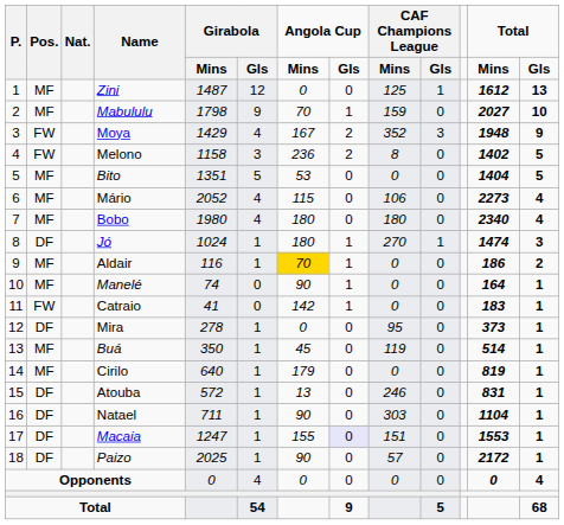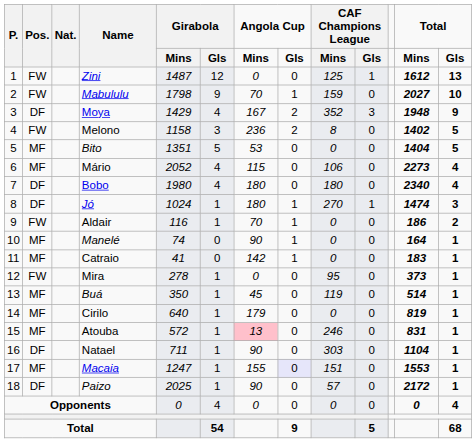 <table class="wikitable sortable" style="text-align:center">
 <tr>
 <th style="text-align:center;" rowspan="2">P.</th>
 <th style="text-align:center;" rowspan="2">Pos.</th>
 <th style="text-align:center;" rowspan="2">Nat.</th>
 <th style="text-align:center; width:100px;" rowspan="2">Name</th>
 <th style="text-align:center; width:100px;" colspan="2">Girabola</th>
 <td style="text-align:center; width:100px;" colspan="2"><strong>Angola Cup</strong></td>
 <th style="text-align:center; width:100px;" colspan="2">CAF Champions League</th>
 <td style="text-align:center; width:1px;"></td>
 <td style="text-align:center; width:100px;" colspan="2"><strong>Total</strong></td>
 </tr>
 <tr>
 <th style="text-align:center;">Mins</th>
 <th style="text-align:center;">Gls</th>
 <td style="text-align:center;"><strong>Mins</strong></td>
 <td style="text-align:center;"><strong>Gls</strong></td>
 <th style="text-align:center;">Mins</th>
 <th style="text-align:center;">Gls</th>
 <td style="text-align:center;"></td>
 <td style="text-align:center;"><strong>Mins</strong></td>
 <td style="text-align:center;"><strong>Gls</strong></td>
 </tr>
 <tr>
 <td>1</td>
-<td>MF</td>
+<td>FW</td>
 <td></td>
 <td align=left><em><a href='#'>Zini</a></em></td>
 <td style="background:#eaecf0;"><em>1487</em></td>
 <td style="background:#eaecf0;">12</td>
 <td><em>0</em></td>
 <td>0</td>
 <td style="background:#eaecf0;"><em>125</em></td>
 <td style="background:#eaecf0;">1</td>
 <td></td>
 <td><strong><em>1612</em></strong></td>
 <td><strong>13</strong></td>
 </tr>
 <tr>
 <td>2</td>
-<td>MF</td>
+<td>FW</td>
 <td></td>
 <td align=left><em><a href='#'>Mabululu</a></em></td>
 <td style="background:#eaecf0;"><em>1798</em></td>
 <td style="background:#eaecf0;">9</td>
 <td><em>70</em></td>
 <td>1</td>
 <td style="background:#eaecf0;"><em>159</em></td>
 <td style="background:#eaecf0;">0</td>
 <td></td>
 <td><strong><em>2027</em></strong></td>
 <td><strong>10</strong></td>
 </tr>
 <tr>
 <td>3</td>
-<td>FW</td>
+<td>DF</td>
 <td></td>
 <td align=left><a href='#'>Moya</a></td>
 <td style="background:#eaecf0;"><em>1429</em></td>
 <td style="background:#eaecf0;">4</td>
 <td><em>167</em></td>
 <td>2</td>
 <td style="background:#eaecf0;"><em>352</em></td>
 <td style="background:#eaecf0;">3</td>
 <td></td>
 <td><strong><em>1948</em></strong></td>
 <td><strong>9</strong></td>
 </tr>
 <tr>
 <td>4</td>
 <td>FW</td>
 <td></td>
 <td align=left>Melono</td>
 <td style="background:#eaecf0;"><em>1158</em></td>
 <td style="background:#eaecf0;">3</td>
 <td><em>236</em></td>
 <td>2</td>
 <td style="background:#eaecf0;"><em>8</em></td>
 <td style="background:#eaecf0;">0</td>
 <td></td>
 <td><strong><em>1402</em></strong></td>
 <td><strong>5</strong></td>
 </tr>
 <tr>
 <td>5</td>
 <td>MF</td>
 <td></td>
 <td align=left><em>Bito</em></td>
 <td style="background:#eaecf0;"><em>1351</em></td>
 <td style="background:#eaecf0;">5</td>
 <td><em>53</em></td>
 <td>0</td>
 <td style="background:#eaecf0;"><em>0</em></td>
 <td style="background:#eaecf0;">0</td>
 <td></td>
 <td><strong><em>1404</em></strong></td>
 <td><strong>5</strong></td>
 </tr>
 <tr>
 <td>6</td>
 <td>MF</td>
 <td></td>
 <td align=left>Mário</td>
 <td style="background:#eaecf0;"><em>2052</em></td>
 <td style="background:#eaecf0;">4</td>
 <td><em>115</em></td>
 <td>0</td>
 <td style="background:#eaecf0;"><em>106</em></td>
 <td style="background:#eaecf0;">0</td>
 <td></td>
 <td><strong><em>2273</em></strong></td>
 <td><strong>4</strong></td>
 </tr>
 <tr>
 <td>7</td>
-<td>MF</td>
+<td>DF</td>
 <td></td>
 <td align=left><a href='#'>Bobo</a></td>
 <td style="background:#eaecf0;"><em>1980</em></td>
 <td style="background:#eaecf0;">4</td>
 <td><em>180</em></td>
 <td>0</td>
 <td style="background:#eaecf0;"><em>180</em></td>
 <td style="background:#eaecf0;">0</td>
 <td></td>
 <td><strong><em>2340</em></strong></td>
 <td><strong>4</strong></td>
 </tr>
 <tr>
 <td>8</td>
 <td>DF</td>
 <td></td>
 <td align=left><em><a href='#'>Jó</a></em></td>
 <td style="background:#eaecf0;"><em>1024</em></td>
 <td style="background:#eaecf0;">1</td>
 <td><em>180</em></td>
 <td>1</td>
 <td style="background:#eaecf0;"><em>270</em></td>
 <td style="background:#eaecf0;">1</td>
 <td></td>
 <td><strong><em>1474</em></strong></td>
 <td><strong>3</strong></td>
 </tr>
 <tr>
 <td>9</td>
-<td>MF</td>
+<td>FW</td>
 <td></td>
 <td align=left>Aldair</td>
 <td style="background:#eaecf0;"><em>116</em></td>
 <td style="background:#eaecf0;">1</td>
-<td style="background: gold;"><em>70</em></td>
+<td><em>70</em></td>
 <td>1</td>
 <td style="background:#eaecf0;"><em>0</em></td>
 <td style="background:#eaecf0;">0</td>
 <td></td>
 <td><strong><em>186</em></strong></td>
 <td><strong>2</strong></td>
 </tr>
 <tr>
 <td>10</td>
 <td>MF</td>
 <td></td>
 <td align=left><em>Manelé</em></td>
 <td style="background:#eaecf0;"><em>74</em></td>
 <td style="background:#eaecf0;">0</td>
 <td><em>90</em></td>
 <td>1</td>
 <td style="background:#eaecf0;"><em>0</em></td>
 <td style="background:#eaecf0;">0</td>
 <td></td>
 <td><strong><em>164</em></strong></td>
 <td><strong>1</strong></td>
 </tr>
 <tr>
 <td>11</td>
-<td>FW</td>
+<td>MF</td>
 <td></td>
 <td align=left>Catraio</td>
 <td style="background:#eaecf0;"><em>41</em></td>
 <td style="background:#eaecf0;">0</td>
 <td><em>142</em></td>
 <td>1</td>
 <td style="background:#eaecf0;"><em>0</em></td>
 <td style="background:#eaecf0;">0</td>
 <td></td>
 <td><strong><em>183</em></strong></td>
 <td><strong>1</strong></td>
 </tr>
 <tr>
 <td>12</td>
-<td>DF</td>
+<td>FW</td>
 <td></td>
 <td align=left>Mira</td>
 <td style="background:#eaecf0;"><em>278</em></td>
 <td style="background:#eaecf0;">1</td>
 <td><em>0</em></td>
 <td>0</td>
 <td style="background:#eaecf0;"><em>95</em></td>
 <td style="background:#eaecf0;">0</td>
 <td></td>
 <td><strong><em>373</em></strong></td>
 <td><strong>1</strong></td>
 </tr>
 <tr>
 <td>13</td>
 <td>MF</td>
 <td></td>
 <td align=left><em>Buá</em></td>
 <td style="background:#eaecf0;"><em>350</em></td>
 <td style="background:#eaecf0;">1</td>
 <td><em>45</em></td>
 <td>0</td>
 <td style="background:#eaecf0;"><em>119</em></td>
 <td style="background:#eaecf0;">0</td>
 <td></td>
 <td><strong><em>514</em></strong></td>
 <td><strong>1</strong></td>
 </tr>
 <tr>
 <td>14</td>
 <td>MF</td>
 <td></td>
 <td align=left>Cirilo</td>
 <td style="background:#eaecf0;"><em>640</em></td>
 <td style="background:#eaecf0;">1</td>
 <td><em>179</em></td>
 <td>0</td>
 <td style="background:#eaecf0;"><em>0</em></td>
 <td style="background:#eaecf0;">0</td>
 <td></td>
 <td><strong><em>819</em></strong></td>
 <td><strong>1</strong></td>
 </tr>
 <tr>
 <td>15</td>
-<td>DF</td>
+<td>MF</td>
 <td></td>
 <td align=left>Atouba</td>
 <td style="background:#eaecf0;"><em>572</em></td>
 <td style="background:#eaecf0;">1</td>
-<td><em>13</em></td>
+<td style="background: pink;"><em>13</em></td>
 <td>0</td>
 <td style="background:#eaecf0;"><em>246</em></td>
 <td style="background:#eaecf0;">0</td>
 <td></td>
 <td><strong><em>831</em></strong></td>
 <td><strong>1</strong></td>
 </tr>
 <tr>
 <td>16</td>
 <td>DF</td>
 <td></td>
 <td align=left>Natael</td>
 <td style="background:#eaecf0;"><em>711</em></td>
 <td style="background:#eaecf0;">1</td>
 <td><em>90</em></td>
 <td>0</td>
 <td style="background:#eaecf0;"><em>303</em></td>
 <td style="background:#eaecf0;">0</td>
 <td></td>
 <td><strong><em>1104</em></strong></td>
 <td><strong>1</strong></td>
 </tr>
 <tr>
 <td>17</td>
-<td>DF</td>
+<td>MF</td>
 <td></td>
 <td align=left><em><a href='#'>Macaia</a></em></td>
 <td style="background:#eaecf0;"><em>1247</em></td>
 <td style="background:#eaecf0;">1</td>
 <td><em>155</em></td>
 <td style="background: lavender;">0</td>
 <td style="background:#eaecf0;"><em>151</em></td>
 <td style="background:#eaecf0;">0</td>
 <td></td>
 <td><strong><em>1553</em></strong></td>
 <td><strong>1</strong></td>
 </tr>
 <tr>
 <td>18</td>
 <td>DF</td>
 <td></td>
 <td align=left><em>Paizo</em></td>
 <td style="background:#eaecf0;"><em>2025</em></td>
 <td style="background:#eaecf0;">1</td>
 <td><em>90</em></td>
 <td>0</td>
 <td style="background:#eaecf0;"><em>57</em></td>
 <td style="background:#eaecf0;">0</td>
 <td></td>
 <td><strong><em>2172</em></strong></td>
 <td><strong>1</strong></td>
 </tr>
 <tr>
 <td colspan=4><strong>Opponents</strong></td>
 <td style="background:#eaecf0;"><em>0</em></td>
 <td style="background:#eaecf0;">4</td>
 <td><em>0</em></td>
 <td>0</td>
 <td style="background:#eaecf0;"><em>0</em></td>
 <td style="background:#eaecf0;">0</td>
 <td></td>
 <td><strong><em>0</em></strong></td>
 <td><strong>4</strong></td>
 </tr>
 <tr>
 <th colspan=10></th>
 </tr>
 <tr>
 <td colspan=4><strong>Total</strong></td>
 <td style="background:#eaecf0;"></td>
 <td style="background:#eaecf0;"><strong>54</strong></td>
 <td></td>
 <td><strong>9</strong></td>
 <td style="background:#eaecf0;"></td>
 <td style="background:#eaecf0;"><strong>5</strong></td>
 <td></td>
 <td></td>
 <td><strong>68</strong></td>
 </tr>
 </table>
